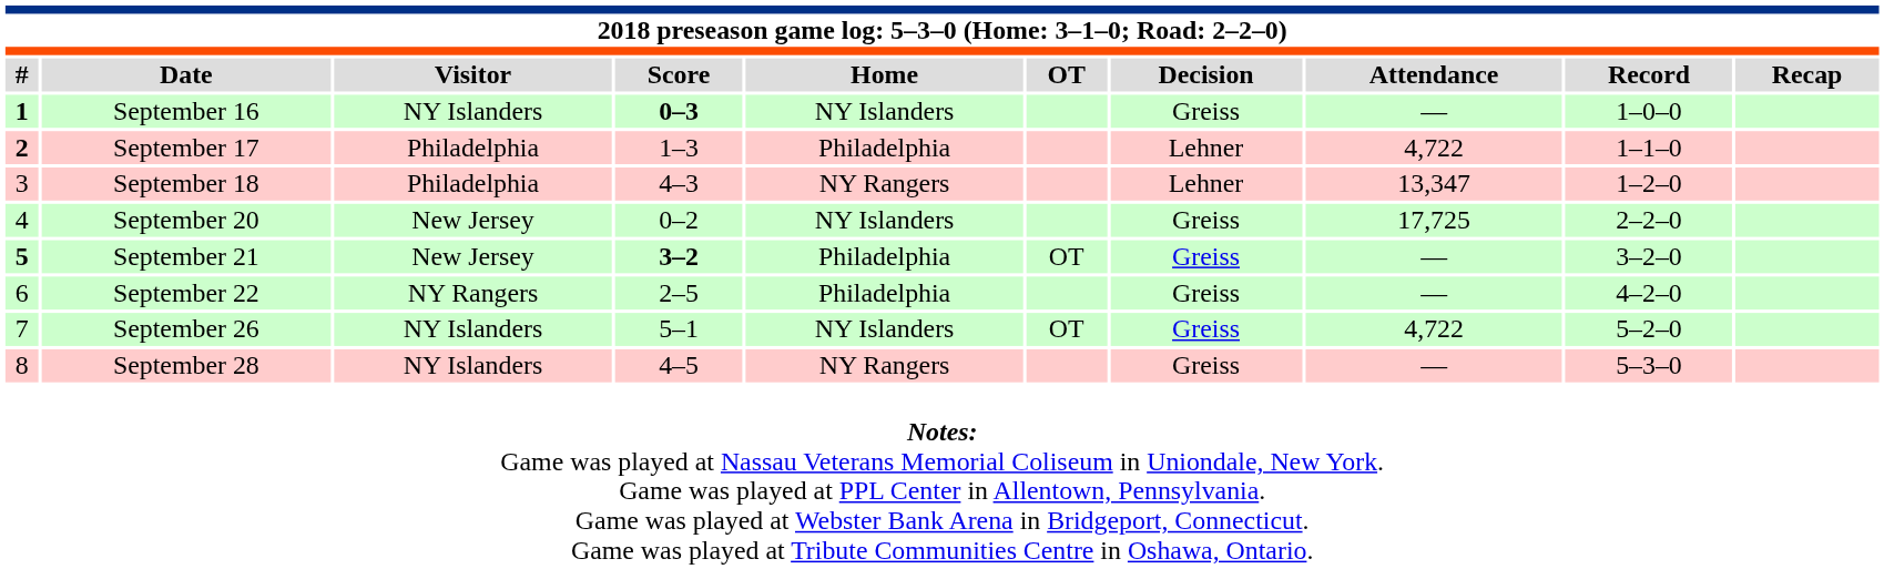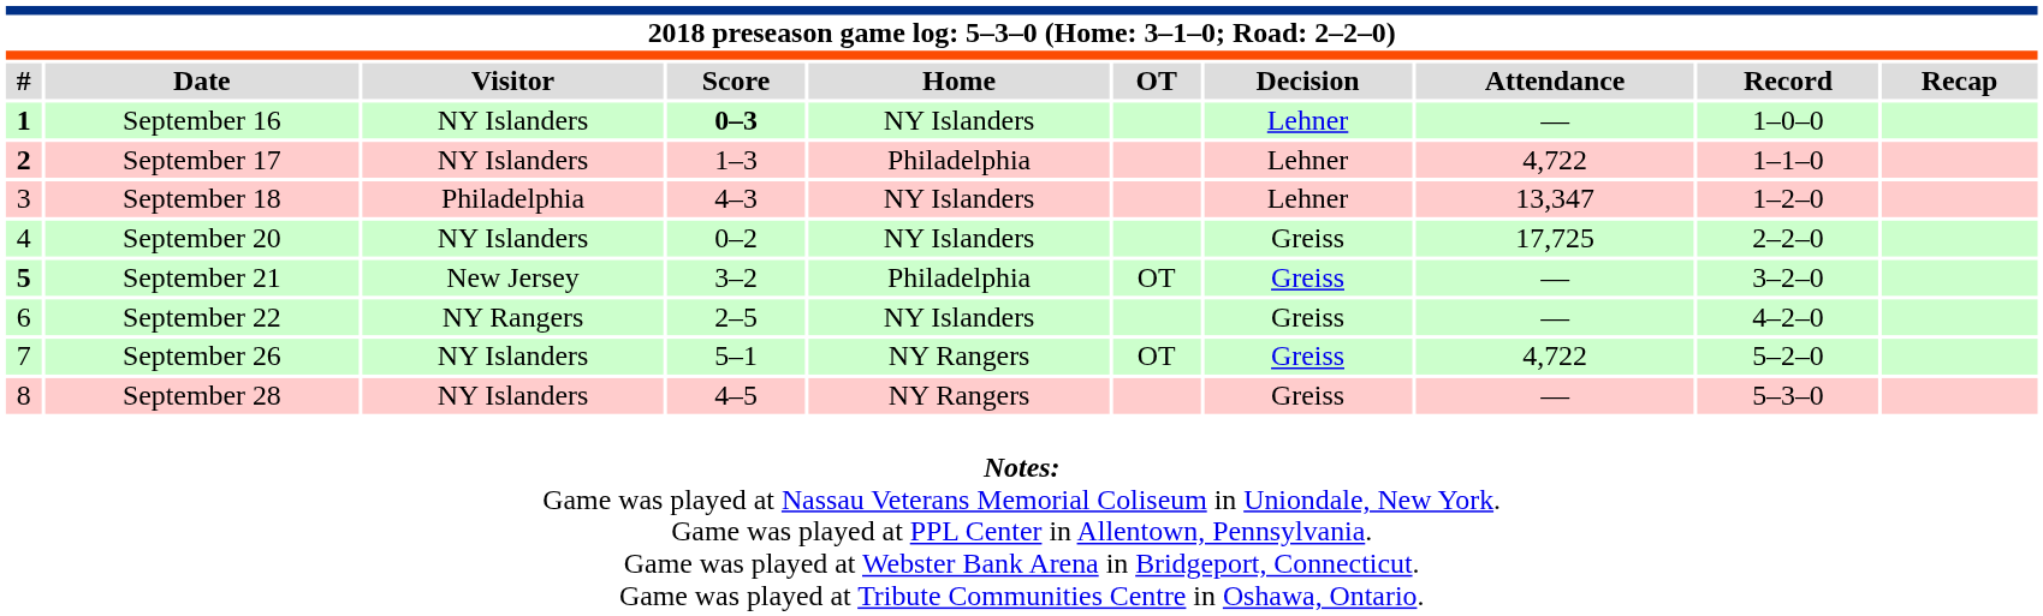 <table class="toccolours collapsible collapsed" style="width:90%; clear:both; margin:1.5em auto; text-align:center;">
 <tr>
 <th colspan="10" style="background:#FFFFFF; border-top:#003087 5px solid; border-bottom:#FC4C02 5px solid;">2018 preseason game log: 5–3–0 (Home: 3–1–0; Road: 2–2–0)</th>
 </tr>
 <tr style="background:#ddd;">
 <th>#</th>
 <th>Date</th>
 <th>Visitor</th>
 <th>Score</th>
 <th>Home</th>
 <th>OT</th>
 <th>Decision</th>
 <th>Attendance</th>
 <th>Record</th>
 <th>Recap</th>
 </tr>
 <tr style="background:#cfc;">
 <td><strong>1</strong></td>
 <td>September 16</td>
 <td>NY Islanders</td>
 <td><strong>0–3</strong></td>
 <td>NY Islanders</td>
 <td></td>
-<td>Greiss</td>
+<td><a href='#'>Lehner</a></td>
 <td>—</td>
 <td>1–0–0</td>
 <td></td>
 </tr>
 <tr style="background:#fcc;">
 <td><strong>2</strong></td>
 <td>September 17</td>
-<td>Philadelphia</td>
+<td>NY Islanders</td>
 <td>1–3</td>
 <td>Philadelphia</td>
 <td></td>
 <td>Lehner</td>
 <td>4,722</td>
 <td>1–1–0</td>
 <td></td>
 </tr>
 <tr style="background:#fcc;">
 <td>3</td>
 <td>September 18</td>
 <td>Philadelphia</td>
 <td>4–3</td>
-<td>NY Rangers</td>
+<td>NY Islanders</td>
 <td></td>
 <td>Lehner</td>
 <td>13,347</td>
 <td>1–2–0</td>
 <td></td>
 </tr>
 <tr style="background:#cfc;">
 <td>4</td>
 <td>September 20</td>
-<td>New Jersey</td>
+<td>NY Islanders</td>
 <td>0–2</td>
 <td>NY Islanders</td>
 <td></td>
 <td>Greiss</td>
 <td>17,725</td>
 <td>2–2–0</td>
 <td></td>
 </tr>
 <tr style="background:#cfc;">
 <td><strong>5</strong></td>
 <td>September 21</td>
 <td>New Jersey</td>
-<td><strong>3–2</strong></td>
+<td>3–2</td>
 <td>Philadelphia</td>
 <td>OT</td>
 <td><a href='#'>Greiss</a></td>
 <td>—</td>
 <td>3–2–0</td>
 <td></td>
 </tr>
 <tr style="background:#cfc;">
 <td>6</td>
 <td>September 22</td>
 <td>NY Rangers</td>
 <td>2–5</td>
-<td>Philadelphia</td>
+<td>NY Islanders</td>
 <td></td>
 <td>Greiss</td>
 <td>—</td>
 <td>4–2–0</td>
 <td></td>
 </tr>
 <tr style="background:#cfc;">
 <td>7</td>
 <td>September 26</td>
 <td>NY Islanders</td>
 <td>5–1</td>
-<td>NY Islanders</td>
+<td>NY Rangers</td>
 <td>OT</td>
 <td><a href='#'>Greiss</a></td>
 <td>4,722</td>
 <td>5–2–0</td>
 <td></td>
 </tr>
 <tr style="background:#fcc;">
 <td>8</td>
 <td>September 28</td>
 <td>NY Islanders</td>
 <td>4–5</td>
 <td>NY Rangers</td>
 <td></td>
 <td>Greiss</td>
 <td>—</td>
 <td>5–3–0</td>
 <td></td>
 </tr>
 <tr>
 <td colspan="10" style="text-align:center;"><br><strong><em>Notes:</em></strong><br>  Game was played at <a href='#'>Nassau Veterans Memorial Coliseum</a> in <a href='#'>Uniondale, New York</a>.<br>  Game was played at <a href='#'>PPL Center</a> in <a href='#'>Allentown, Pennsylvania</a>.<br>  Game was played at <a href='#'>Webster Bank Arena</a> in <a href='#'>Bridgeport, Connecticut</a>.<br>  Game was played at <a href='#'>Tribute Communities Centre</a> in <a href='#'>Oshawa, Ontario</a>.</td>
 </tr>
 </table>
